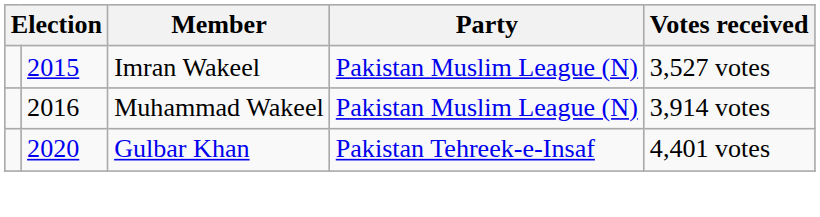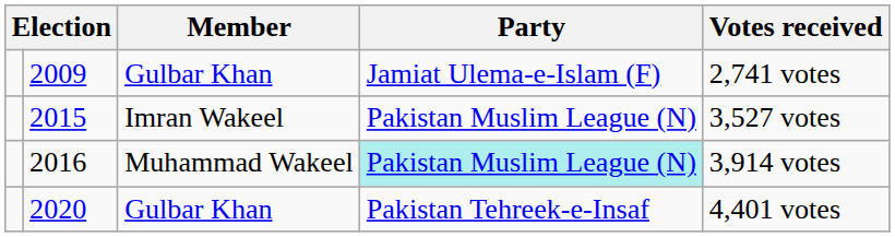 <table class="wikitable">
 <tr>
 <th colspan="2">Election</th>
 <th>Member</th>
 <th>Party</th>
 <th>Votes received</th>
+</tr>
+<tr>
+<td style="background-color:  "></td>
+<td><a href='#'>2009</a></td>
+<td><a href='#'>Gulbar Khan</a></td>
+<td><a href='#'>Jamiat Ulema-e-Islam (F)</a></td>
+<td>2,741 votes</td>
 </tr>
 <tr>
 <td style="background-color: "></td>
 <td><a href='#'>2015</a></td>
 <td>Imran Wakeel</td>
 <td><a href='#'>Pakistan Muslim League (N)</a></td>
 <td>3,527 votes</td>
 </tr>
 <tr>
 <td style="background-color: "></td>
 <td>2016</td>
 <td>Muhammad Wakeel</td>
-<td><a href='#'>Pakistan Muslim League (N)</a></td>
+<td style="background: paleturquoise;"><a href='#'>Pakistan Muslim League (N)</a></td>
 <td>3,914 votes</td>
 </tr>
 <tr>
 <td style="background-color: "></td>
 <td><a href='#'>2020</a></td>
 <td><a href='#'>Gulbar Khan</a></td>
 <td><a href='#'>Pakistan Tehreek-e-Insaf</a></td>
 <td>4,401 votes</td>
 </tr>
 </table>
